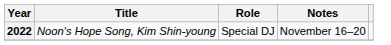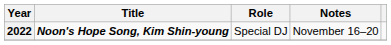 <table class="wikitable  plainrowheaders">
 <tr>
 <th scope="col">Year</th>
 <th scope="col">Title</th>
 <th scope="col">Role</th>
 <th scope="col">Notes</th>
 <th scope="col" class="unsortable"></th>
 </tr>
 <tr>
 <th scope="row">2022</th>
-<td><em>Noon's Hope Song, Kim Shin-young</em></td>
+<td><strong><em>Noon's Hope Song, Kim Shin-young</em></strong></td>
 <td>Special DJ</td>
 <td>November 16–20</td>
 <td style="text-align:center"></td>
 </tr>
 <tr>
 </tr>
 </table>
